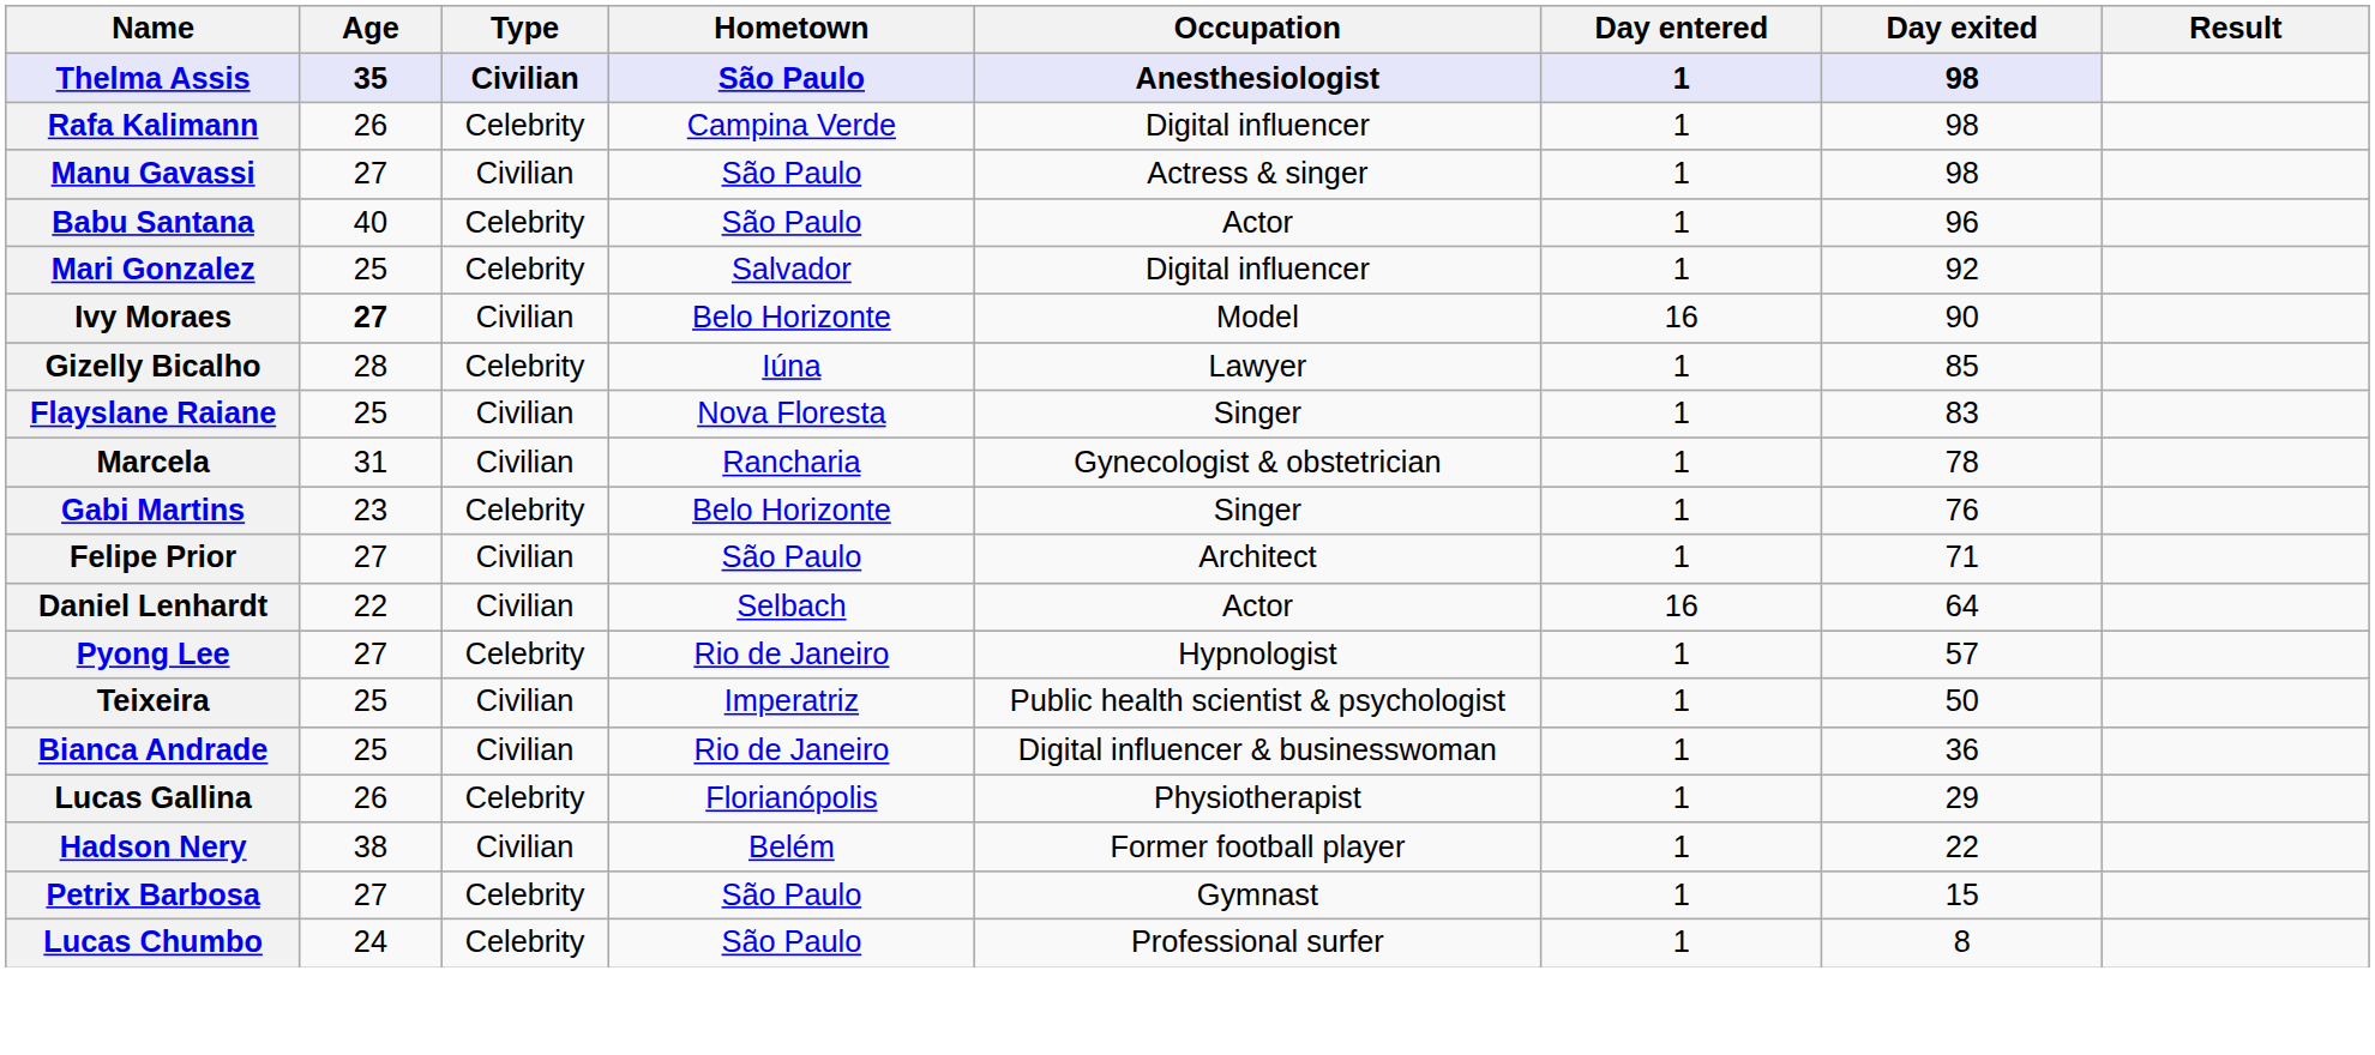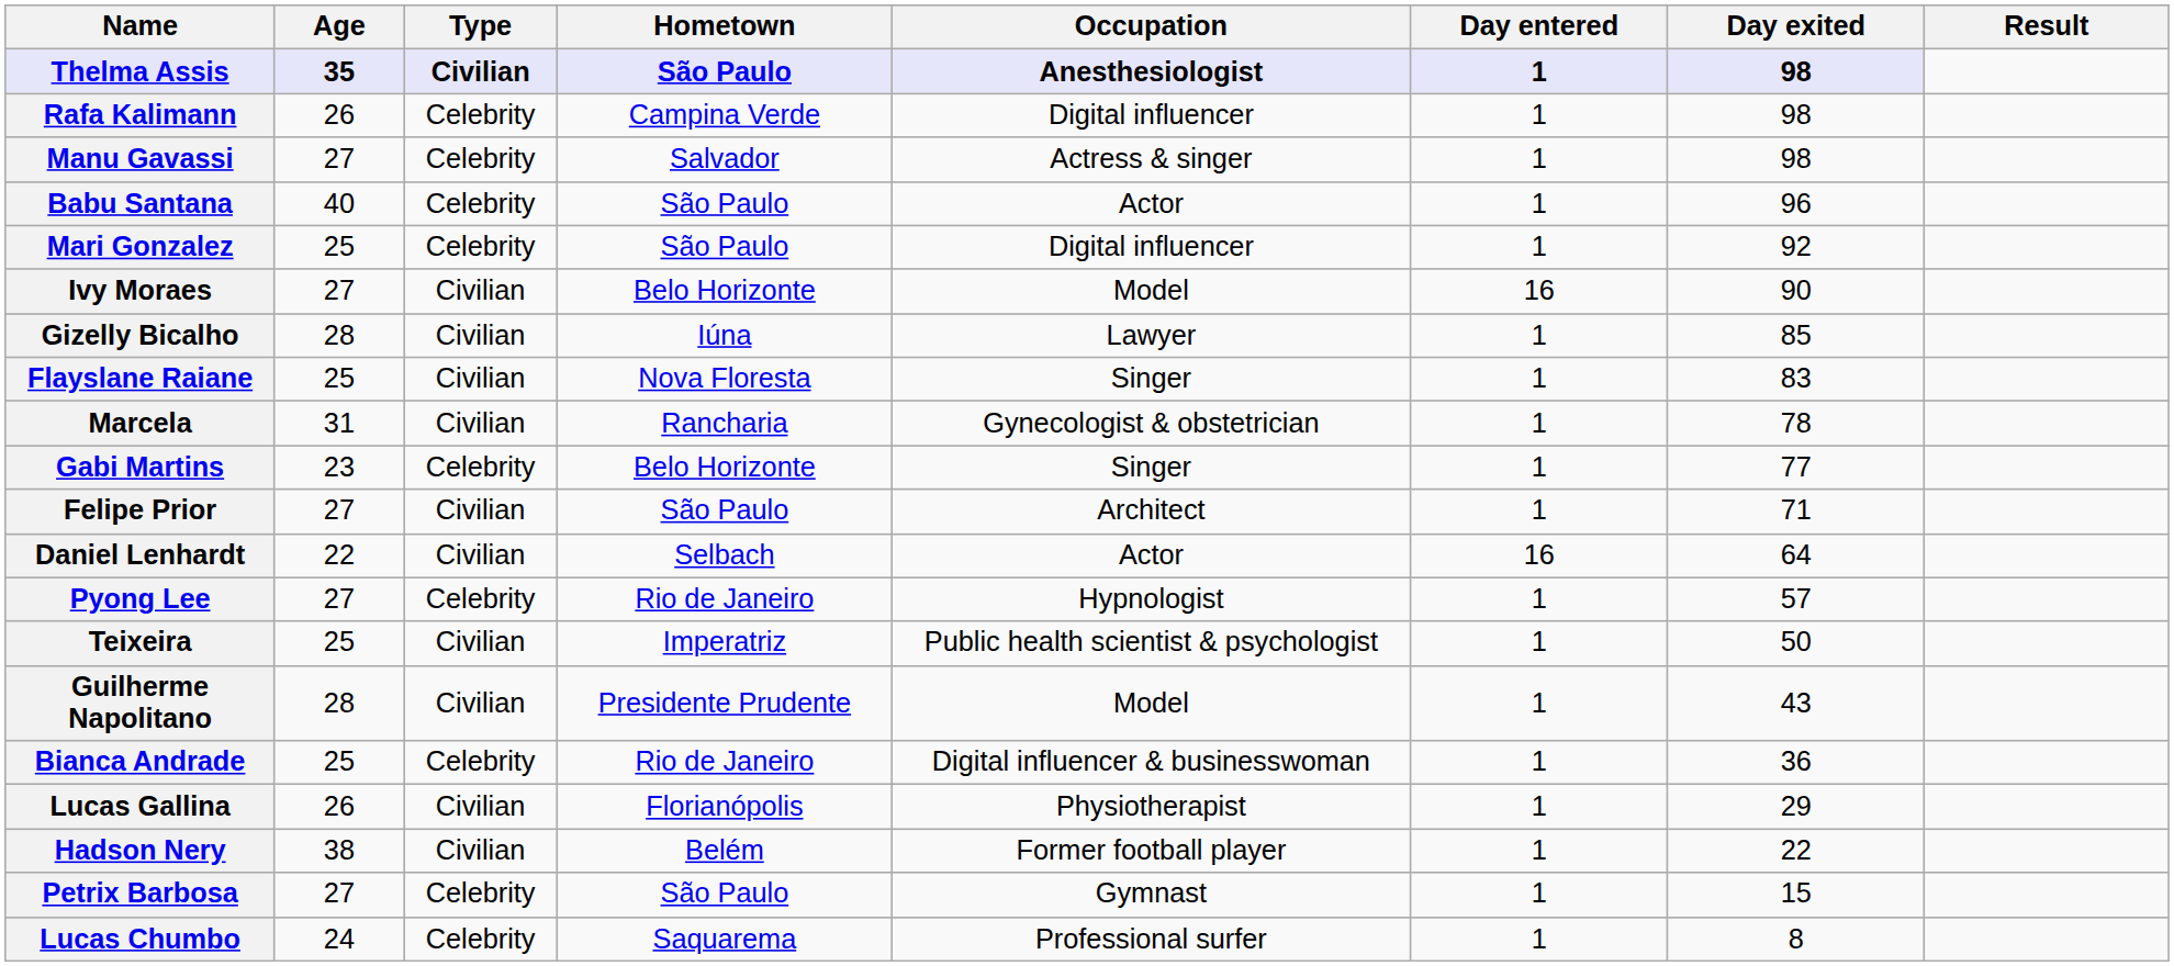 <table class="wikitable sortable" style="text-align:center;">
 <tr>
 <th scope="col" width="10.5%">Name</th>
 <th scope="col" width="05.0%">Age</th>
 <th scope="col" width="06.0%">Type</th>
 <th scope="col" width="13.0%">Hometown</th>
 <th scope="col" width="13.0%">Occupation</th>
 <th scope="col" width="10.0%">Day entered</th>
 <th scope="col" width="10.0%">Day exited</th>
 <th scope="col" width="09.5%">Result</th>
 </tr>
 <tr>
 <td bgcolor="E6E6FA"><strong> <a href='#'>Thelma Assis</a></strong></td>
 <td bgcolor="E6E6FA"><strong>35</strong></td>
 <td bgcolor="E6E6FA"><strong>Civilian</strong></td>
 <td bgcolor="E6E6FA"><strong><a href='#'>São Paulo</a></strong></td>
 <td bgcolor="E6E6FA"><strong>Anesthesiologist</strong></td>
 <td bgcolor="E6E6FA"><strong>1</strong></td>
 <td bgcolor="E6E6FA"><strong>98</strong></td>
 <td></td>
 </tr>
 <tr>
 <th><a href='#'>Rafa Kalimann</a></th>
 <td>26</td>
 <td>Celebrity</td>
 <td><a href='#'>Campina Verde</a></td>
 <td>Digital influencer</td>
 <td>1</td>
 <td>98</td>
 <td></td>
 </tr>
 <tr>
 <th><a href='#'>Manu Gavassi</a></th>
 <td>27</td>
-<td>Civilian</td>
-<td><a href='#'>São Paulo</a></td>
+<td>Celebrity</td>
+<td><a href='#'>Salvador</a></td>
 <td>Actress & singer</td>
 <td>1</td>
 <td>98</td>
 <td></td>
 </tr>
 <tr>
 <th><a href='#'>Babu Santana</a></th>
 <td>40</td>
 <td>Celebrity</td>
 <td><a href='#'>São Paulo</a></td>
 <td>Actor</td>
 <td>1</td>
 <td>96</td>
 <td></td>
 </tr>
 <tr>
 <th><a href='#'>Mari Gonzalez</a></th>
 <td>25</td>
 <td>Celebrity</td>
-<td><a href='#'>Salvador</a></td>
+<td><a href='#'>São Paulo</a></td>
 <td>Digital influencer</td>
 <td>1</td>
 <td>92</td>
 <td></td>
 </tr>
 <tr>
 <th>Ivy Moraes</th>
-<td><strong>27</strong></td>
+<td>27</td>
 <td>Civilian</td>
 <td><a href='#'>Belo Horizonte</a></td>
 <td>Model</td>
 <td>16</td>
 <td>90</td>
 <td></td>
 </tr>
 <tr>
 <th>Gizelly Bicalho</th>
 <td>28</td>
-<td>Celebrity</td>
+<td>Civilian</td>
 <td><a href='#'>Iúna</a></td>
 <td>Lawyer</td>
 <td>1</td>
 <td>85</td>
 <td></td>
 </tr>
 <tr>
 <th><a href='#'>Flayslane Raiane</a></th>
 <td>25</td>
 <td>Civilian</td>
 <td><a href='#'>Nova Floresta</a></td>
 <td>Singer</td>
 <td>1</td>
 <td>83</td>
 <td></td>
 </tr>
 <tr>
 <th>Marcela </th>
 <td>31</td>
 <td>Civilian</td>
 <td><a href='#'>Rancharia</a></td>
 <td>Gynecologist & obstetrician</td>
 <td>1</td>
 <td>78</td>
 <td></td>
 </tr>
 <tr>
 <th><a href='#'>Gabi Martins</a></th>
 <td>23</td>
 <td>Celebrity</td>
 <td><a href='#'>Belo Horizonte</a></td>
 <td>Singer</td>
 <td>1</td>
-<td>76</td>
+<td>77</td>
 <td></td>
 </tr>
 <tr>
 <th>Felipe Prior</th>
 <td>27</td>
 <td>Civilian</td>
 <td><a href='#'>São Paulo</a></td>
 <td>Architect</td>
 <td>1</td>
 <td>71</td>
 <td></td>
 </tr>
 <tr>
 <th>Daniel Lenhardt</th>
 <td>22</td>
 <td>Civilian</td>
 <td><a href='#'>Selbach</a></td>
 <td>Actor</td>
 <td>16</td>
 <td>64</td>
 <td></td>
 </tr>
 <tr>
 <th><a href='#'>Pyong Lee</a></th>
 <td>27</td>
 <td>Celebrity</td>
 <td><a href='#'>Rio de Janeiro</a></td>
 <td>Hypnologist</td>
 <td>1</td>
 <td>57</td>
 <td></td>
 </tr>
 <tr>
 <th> Teixeira</th>
 <td>25</td>
 <td>Civilian</td>
 <td><a href='#'>Imperatriz</a></td>
 <td nowrap>Public health scientist & psychologist</td>
 <td>1</td>
 <td>50</td>
 <td></td>
 </tr>
 <tr>
+<th>Guilherme Napolitano</th>
+<td>28</td>
+<td>Civilian</td>
+<td nowrap><a href='#'>Presidente Prudente</a></td>
+<td>Model</td>
+<td>1</td>
+<td>43</td>
+<td></td>
+</tr>
+<tr>
 <th><a href='#'>Bianca Andrade</a></th>
 <td>25</td>
-<td>Civilian</td>
+<td>Celebrity</td>
 <td><a href='#'>Rio de Janeiro</a></td>
 <td>Digital influencer & businesswoman </td>
 <td>1</td>
 <td>36</td>
 <td></td>
 </tr>
 <tr>
 <th>Lucas Gallina</th>
 <td>26</td>
-<td>Celebrity</td>
+<td>Civilian</td>
 <td><a href='#'>Florianópolis</a></td>
 <td>Physiotherapist</td>
 <td>1</td>
 <td>29</td>
 <td></td>
 </tr>
 <tr>
 <th><a href='#'>Hadson Nery</a></th>
 <td>38</td>
 <td>Civilian</td>
 <td><a href='#'>Belém</a></td>
 <td>Former football player</td>
 <td>1</td>
 <td>22</td>
 <td></td>
 </tr>
 <tr>
 <th><a href='#'>Petrix Barbosa</a></th>
 <td>27</td>
 <td>Celebrity</td>
 <td><a href='#'>São Paulo</a></td>
 <td>Gymnast</td>
 <td>1</td>
 <td>15</td>
 <td></td>
 </tr>
 <tr>
 <th><a href='#'>Lucas Chumbo</a></th>
 <td>24</td>
 <td>Celebrity</td>
-<td><a href='#'>São Paulo</a></td>
+<td><a href='#'>Saquarema</a></td>
 <td>Professional surfer</td>
 <td>1</td>
 <td>8</td>
 <td></td>
 </tr>
 </table>
